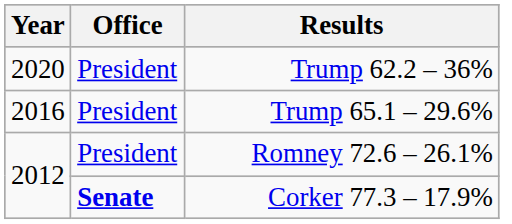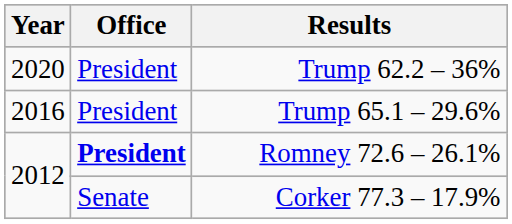 <table class=wikitable>
 <tr>
 <th width="30">Year</th>
 <th width="60">Office</th>
 <th width="180">Results</th>
 </tr>
 <tr>
 <td>2020</td>
 <td><a href='#'>President</a></td>
 <td align="right" ><a href='#'>Trump</a> 62.2 – 36%</td>
 </tr>
 <tr>
 <td>2016</td>
 <td><a href='#'>President</a></td>
 <td align="right" ><a href='#'>Trump</a> 65.1 – 29.6%</td>
 </tr>
 <tr>
 <td rowspan="2">2012</td>
-<td><a href='#'>President</a></td>
+<td><strong><a href='#'>President</a></strong></td>
 <td align="right" ><a href='#'>Romney</a> 72.6 – 26.1%</td>
 </tr>
 <tr>
-<td><strong><a href='#'>Senate</a></strong></td>
+<td><a href='#'>Senate</a></td>
 <td align="right" ><a href='#'>Corker</a> 77.3 – 17.9%</td>
 </tr>
 </table>
